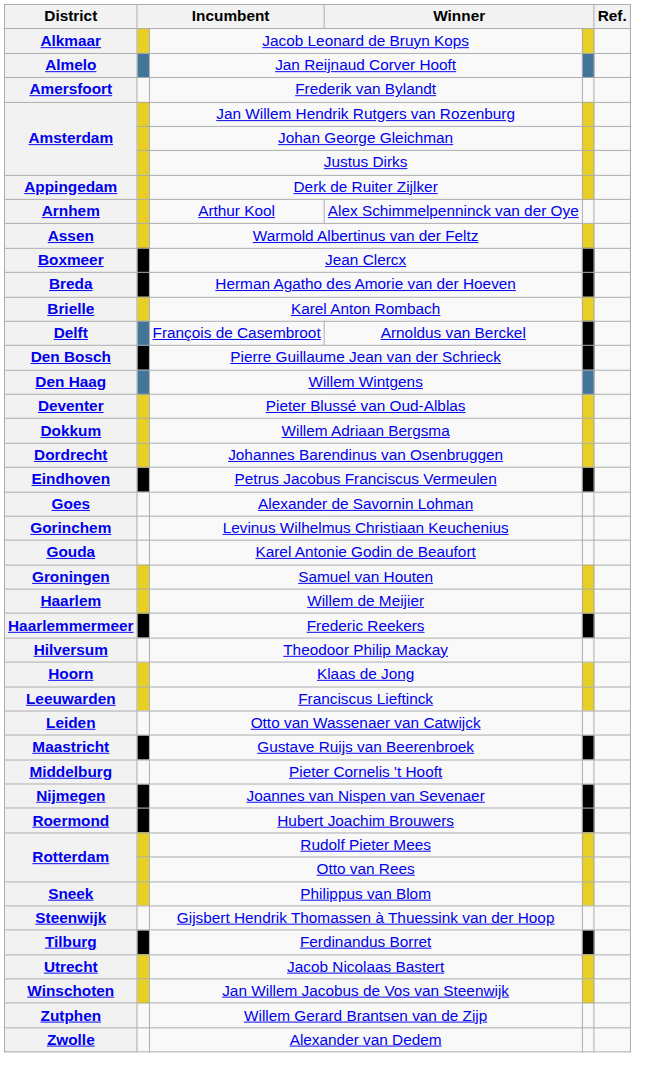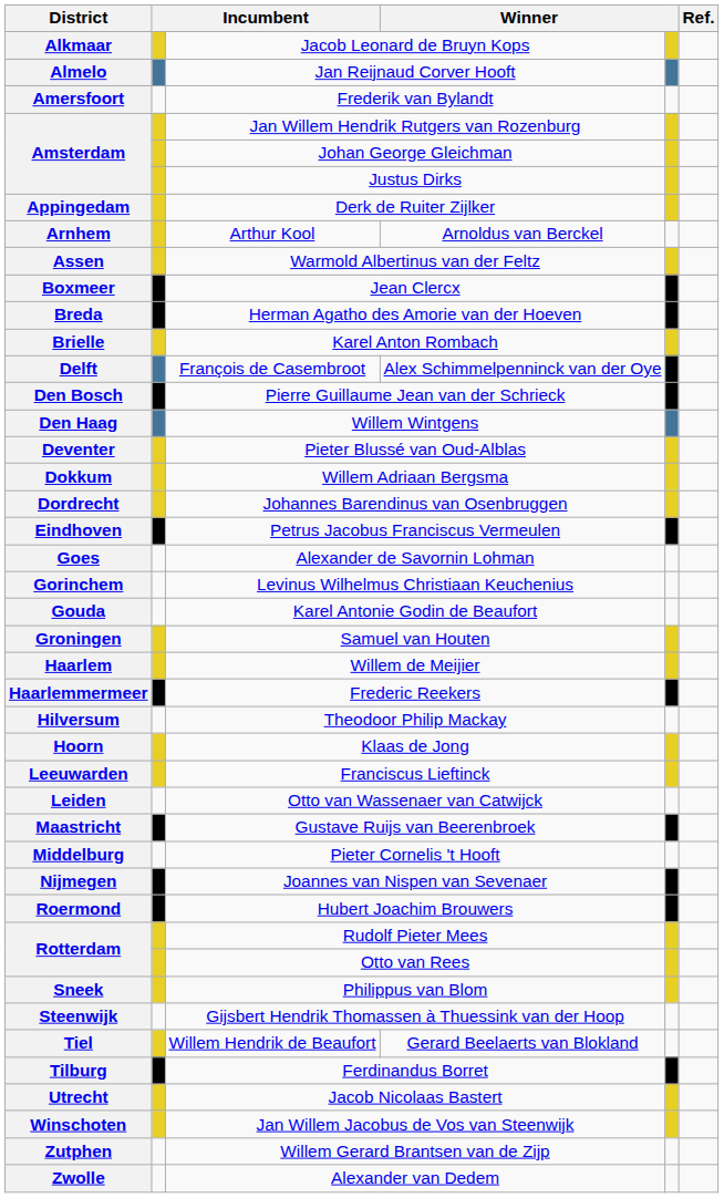 <table class="wikitable">
 <tr style="text-align:center;">
 <th>District</th>
 <th colspan=2>Incumbent</th>
 <th colspan=2>Winner</th>
 <th>Ref.</th>
 </tr>
 <tr>
 <th><a href='#'>Alkmaar</a></th>
 <td style="width:5px; background:#e7cf25"></td>
 <td colspan=2 style="text-align:center"><a href='#'>Jacob Leonard de Bruyn Kops</a></td>
 <td style="width:5px; background:#e7cf25"></td>
 <td></td>
 </tr>
 <tr>
 <th><a href='#'>Almelo</a></th>
 <td style="width:5px; background:#437599"></td>
 <td colspan=2 style="text-align:center"><a href='#'>Jan Reijnaud Corver Hooft</a></td>
 <td style="width:5px; background:#437599"></td>
 <td></td>
 </tr>
 <tr>
 <th><a href='#'>Amersfoort</a></th>
 <td style="width:5px; background:"></td>
 <td colspan=2 style="text-align:center"><a href='#'>Frederik van Bylandt</a></td>
 <td style="width:5px; background:"></td>
 <td></td>
 </tr>
 <tr>
 <th rowspan=3><a href='#'>Amsterdam</a></th>
 <td style="width:5px; background:#e7cf25"></td>
 <td colspan=2 style="text-align:center"><a href='#'>Jan Willem Hendrik Rutgers van Rozenburg</a></td>
 <td style="width:5px; background:#e7cf25"></td>
 <td></td>
 </tr>
 <tr>
 <td style="width:5px; background:#e7cf25"></td>
 <td colspan=2 style="text-align:center"><a href='#'>Johan George Gleichman</a></td>
 <td style="width:5px; background:#e7cf25"></td>
 <td></td>
 </tr>
 <tr>
 <td style="width:5px; background:#e7cf25"></td>
 <td colspan=2 style="text-align:center"><a href='#'>Justus Dirks</a></td>
 <td style="width:5px; background:#e7cf25"></td>
 <td></td>
 </tr>
 <tr>
 <th><a href='#'>Appingedam</a></th>
 <td style="width:5px; background:#e7cf25"></td>
 <td colspan=2 style="text-align:center"><a href='#'>Derk de Ruiter Zijlker</a></td>
 <td style="width:5px; background:#e7cf25"></td>
 <td></td>
 </tr>
 <tr>
 <th><a href='#'>Arnhem</a></th>
 <td style="width:5px; background:#e7cf25"></td>
 <td style="text-align:center"><a href='#'>Arthur Kool</a></td>
-<td style="text-align:center"><a href='#'>Alex Schimmelpenninck van der Oye</a></td>
+<td style="text-align:center"><a href='#'>Arnoldus van Berckel</a></td>
 <td style="width:5px; background:"></td>
 <td></td>
 </tr>
 <tr>
 <th><a href='#'>Assen</a></th>
 <td style="width:5px; background:#e7cf25"></td>
 <td colspan=2 style="text-align:center"><a href='#'>Warmold Albertinus van der Feltz</a></td>
 <td style="width:5px; background:#e7cf25"></td>
 <td></td>
 </tr>
 <tr>
 <th><a href='#'>Boxmeer</a></th>
 <td style="width:5px; background:black"></td>
 <td colspan=2 style="text-align:center"><a href='#'>Jean Clercx</a></td>
 <td style="width:5px; background:black"></td>
 <td></td>
 </tr>
 <tr>
 <th><a href='#'>Breda</a></th>
 <td style="width:5px; background:black"></td>
 <td colspan=2 style="text-align:center"><a href='#'>Herman Agatho des Amorie van der Hoeven</a></td>
 <td style="width:5px; background:black"></td>
 <td></td>
 </tr>
 <tr>
 <th><a href='#'>Brielle</a></th>
 <td style="width:5px; background:#e7cf25"></td>
 <td colspan=2 style="text-align:center"><a href='#'>Karel Anton Rombach</a></td>
 <td style="width:5px; background:#e7cf25"></td>
 <td></td>
 </tr>
 <tr>
 <th><a href='#'>Delft</a></th>
 <td style="width:5px; background:#437599"></td>
 <td style="text-align:center"><a href='#'>François de Casembroot</a></td>
-<td style="text-align:center"><a href='#'>Arnoldus van Berckel</a></td>
+<td style="text-align:center"><a href='#'>Alex Schimmelpenninck van der Oye</a></td>
 <td style="width:5px; background:black"></td>
 <td></td>
 </tr>
 <tr>
 <th><a href='#'>Den Bosch</a></th>
 <td style="width:5px; background:black"></td>
 <td colspan=2 style="text-align:center"><a href='#'>Pierre Guillaume Jean van der Schrieck</a></td>
 <td style="width:5px; background:black"></td>
 <td></td>
 </tr>
 <tr>
 <th><a href='#'>Den Haag</a></th>
 <td style="width:5px; background:#437599"></td>
 <td colspan=2 style="text-align:center"><a href='#'>Willem Wintgens</a></td>
 <td style="width:5px; background:#437599"></td>
 <td></td>
 </tr>
 <tr>
 <th><a href='#'>Deventer</a></th>
 <td style="width:5px; background:#e7cf25"></td>
 <td colspan=2 style="text-align:center"><a href='#'>Pieter Blussé van Oud-Alblas</a></td>
 <td style="width:5px; background:#e7cf25"></td>
 <td></td>
 </tr>
 <tr>
 <th><a href='#'>Dokkum</a></th>
 <td style="width:5px; background:#e7cf25"></td>
 <td colspan=2 style="text-align:center"><a href='#'>Willem Adriaan Bergsma</a></td>
 <td style="width:5px; background:#e7cf25"></td>
 <td></td>
 </tr>
 <tr>
 <th><a href='#'>Dordrecht</a></th>
 <td style="width:5px; background:#e7cf25"></td>
 <td colspan=2 style="text-align:center"><a href='#'>Johannes Barendinus van Osenbruggen</a></td>
 <td style="width:5px; background:#e7cf25"></td>
 <td></td>
 </tr>
 <tr>
 <th><a href='#'>Eindhoven</a></th>
 <td style="width:5px; background:black"></td>
 <td colspan=2 style="text-align:center"><a href='#'>Petrus Jacobus Franciscus Vermeulen</a></td>
 <td style="width:5px; background:black"></td>
 <td></td>
 </tr>
 <tr>
 <th><a href='#'>Goes</a></th>
 <td style="width:5px; background:"></td>
 <td colspan=2 style="text-align:center"><a href='#'>Alexander de Savornin Lohman</a></td>
 <td style="width:5px; background:"></td>
 <td></td>
 </tr>
 <tr>
 <th><a href='#'>Gorinchem</a></th>
 <td style="width:5px; background:"></td>
 <td colspan=2 style="text-align:center"><a href='#'>Levinus Wilhelmus Christiaan Keuchenius</a></td>
 <td style="width:5px; background:"></td>
 <td></td>
 </tr>
 <tr>
 <th><a href='#'>Gouda</a></th>
 <td style="width:5px; background:"></td>
 <td colspan=2 style="text-align:center"><a href='#'>Karel Antonie Godin de Beaufort</a></td>
 <td style="width:5px; background:"></td>
 <td></td>
 </tr>
 <tr>
 <th><a href='#'>Groningen</a></th>
 <td style="width:5px; background:#e7cf25"></td>
 <td colspan=2 style="text-align:center"><a href='#'>Samuel van Houten</a></td>
 <td style="width:5px; background:#e7cf25"></td>
 <td></td>
 </tr>
 <tr>
 <th><a href='#'>Haarlem</a></th>
 <td style="width:5px; background:#e7cf25"></td>
 <td colspan=2 style="text-align:center"><a href='#'>Willem de Meijier</a></td>
 <td style="width:5px; background:#e7cf25"></td>
 <td></td>
 </tr>
 <tr>
 <th><a href='#'>Haarlemmermeer</a></th>
 <td style="width:5px; background:black"></td>
 <td colspan=2 style="text-align:center"><a href='#'>Frederic Reekers</a></td>
 <td style="width:5px; background:black"></td>
 <td></td>
 </tr>
 <tr>
 <th><a href='#'>Hilversum</a></th>
 <td style="width:5px; background:"></td>
 <td colspan=2 style="text-align:center"><a href='#'>Theodoor Philip Mackay</a></td>
 <td style="width:5px; background:"></td>
 <td></td>
 </tr>
 <tr>
 <th><a href='#'>Hoorn</a></th>
 <td style="width:5px; background:#e7cf25"></td>
 <td colspan=2 style="text-align:center"><a href='#'>Klaas de Jong</a></td>
 <td style="width:5px; background:#e7cf25"></td>
 <td></td>
 </tr>
 <tr>
 <th><a href='#'>Leeuwarden</a></th>
 <td style="width:5px; background:#e7cf25"></td>
 <td colspan=2 style="text-align:center"><a href='#'>Franciscus Lieftinck</a></td>
 <td style="width:5px; background:#e7cf25"></td>
 <td></td>
 </tr>
 <tr>
 <th><a href='#'>Leiden</a></th>
 <td style="width:5px; background:"></td>
 <td colspan=2 style="text-align:center"><a href='#'>Otto van Wassenaer van Catwijck</a></td>
 <td style="width:5px; background:"></td>
 <td></td>
 </tr>
 <tr>
 <th><a href='#'>Maastricht</a></th>
 <td style="width:5px; background:black"></td>
 <td colspan=2 style="text-align:center"><a href='#'>Gustave Ruijs van Beerenbroek</a></td>
 <td style="width:5px; background:black"></td>
 <td></td>
 </tr>
 <tr>
 <th><a href='#'>Middelburg</a></th>
 <td style="width:5px; background:"></td>
 <td colspan=2 style="text-align:center"><a href='#'>Pieter Cornelis 't Hooft</a></td>
 <td style="width:5px; background:"></td>
 <td></td>
 </tr>
 <tr>
 <th><a href='#'>Nijmegen</a></th>
 <td style="width:5px; background:black"></td>
 <td colspan=2 style="text-align:center"><a href='#'>Joannes van Nispen van Sevenaer</a></td>
 <td style="width:5px; background:black"></td>
 <td></td>
 </tr>
 <tr>
 <th><a href='#'>Roermond</a></th>
 <td style="width:5px; background:black"></td>
 <td colspan=2 style="text-align:center"><a href='#'>Hubert Joachim Brouwers</a></td>
 <td style="width:5px; background:black"></td>
 <td></td>
 </tr>
 <tr>
 <th rowspan=2><a href='#'>Rotterdam</a></th>
 <td style="width:5px; background:#e7cf25"></td>
 <td colspan=2 style="text-align:center"><a href='#'>Rudolf Pieter Mees</a></td>
 <td style="width:5px; background:#e7cf25"></td>
 <td></td>
 </tr>
 <tr>
 <td style="width:5px; background:#e7cf25"></td>
 <td colspan=2 style="text-align:center"><a href='#'>Otto van Rees</a></td>
 <td style="width:5px; background:#e7cf25"></td>
 <td></td>
 </tr>
 <tr>
 <th><a href='#'>Sneek</a></th>
 <td style="width:5px; background:#e7cf25"></td>
 <td colspan=2 style="text-align:center"><a href='#'>Philippus van Blom</a></td>
 <td style="width:5px; background:#e7cf25"></td>
 <td></td>
 </tr>
 <tr>
 <th><a href='#'>Steenwijk</a></th>
 <td style="width:5px; background:"></td>
 <td colspan=2 style="text-align:center"><a href='#'>Gijsbert Hendrik Thomassen à Thuessink van der Hoop</a></td>
 <td style="width:5px; background:"></td>
 <td></td>
 </tr>
 <tr>
+<th><a href='#'>Tiel</a></th>
+<td style="width:5px; background:#e7cf25"></td>
+<td style="text-align:center"><a href='#'>Willem Hendrik de Beaufort</a></td>
+<td style="text-align:center"><a href='#'>Gerard Beelaerts van Blokland</a></td>
+<td style="width:5px; background:"></td>
+<td></td>
+</tr>
+<tr>
 <th><a href='#'>Tilburg</a></th>
 <td style="width:5px; background:black"></td>
 <td colspan=2 style="text-align:center"><a href='#'>Ferdinandus Borret</a></td>
 <td style="width:5px; background:black"></td>
 <td></td>
 </tr>
 <tr>
 <th><a href='#'>Utrecht</a></th>
 <td style="width:5px; background:#e7cf25"></td>
 <td colspan=2 style="text-align:center"><a href='#'>Jacob Nicolaas Bastert</a></td>
 <td style="width:5px; background:#e7cf25"></td>
 <td></td>
 </tr>
 <tr>
 <th><a href='#'>Winschoten</a></th>
 <td style="width:5px; background:#e7cf25"></td>
 <td colspan=2 style="text-align:center"><a href='#'>Jan Willem Jacobus de Vos van Steenwijk</a></td>
 <td style="width:5px; background:#e7cf25"></td>
 <td></td>
 </tr>
 <tr>
 <th><a href='#'>Zutphen</a></th>
 <td style="width:5px; background:"></td>
 <td colspan=2 style="text-align:center"><a href='#'>Willem Gerard Brantsen van de Zijp</a></td>
 <td style="width:5px; background:"></td>
 <td></td>
 </tr>
 <tr>
 <th><a href='#'>Zwolle</a></th>
 <td style="width:5px; background:"></td>
 <td colspan=2 style="text-align:center"><a href='#'>Alexander van Dedem</a></td>
 <td style="width:5px; background:"></td>
 <td></td>
 </tr>
 </table>
